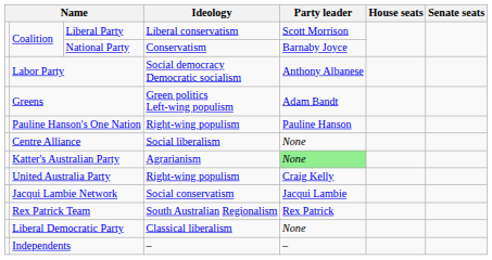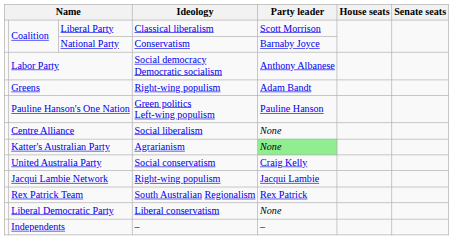 <table class="wikitable">
 <tr>
 <th colspan="3">Name</th>
 <th>Ideology</th>
 <th>Party leader</th>
 <th>House seats</th>
 <th>Senate seats</th>
 </tr>
 <tr>
 <td rowspan="2" style="background:"></td>
 <td rowspan="2"><a href='#'>Coalition</a></td>
 <td><a href='#'>Liberal Party</a></td>
-<td><a href='#'>Liberal conservatism</a></td>
+<td><a href='#'>Classical liberalism</a></td>
 <td><a href='#'>Scott Morrison</a></td>
 <td rowspan="2"></td>
 <td rowspan="2"></td>
 </tr>
 <tr>
 <td><a href='#'>National Party</a></td>
 <td><a href='#'>Conservatism</a></td>
 <td><a href='#'>Barnaby Joyce</a></td>
 </tr>
 <tr>
 <td style="background:"></td>
 <td colspan="2"><a href='#'>Labor Party</a></td>
 <td><a href='#'>Social democracy</a><br><a href='#'>Democratic socialism</a></td>
 <td><a href='#'>Anthony Albanese</a></td>
 <td></td>
 <td></td>
 </tr>
 <tr>
 <td style="background:"></td>
 <td colspan="2"><a href='#'>Greens</a></td>
-<td><a href='#'>Green politics</a><br><a href='#'>Left-wing populism</a></td>
+<td><a href='#'>Right-wing populism</a></td>
 <td><a href='#'>Adam Bandt</a></td>
 <td></td>
 <td></td>
 </tr>
 <tr>
 <td style="background:"></td>
 <td colspan="2"><a href='#'>Pauline Hanson's One Nation</a></td>
-<td><a href='#'>Right-wing populism</a></td>
+<td><a href='#'>Green politics</a><br><a href='#'>Left-wing populism</a></td>
 <td><a href='#'>Pauline Hanson</a></td>
 <td></td>
 <td></td>
 </tr>
 <tr>
 <td style="background:"></td>
 <td colspan="2"><a href='#'>Centre Alliance</a></td>
 <td><a href='#'>Social liberalism</a></td>
 <td><em>None</em></td>
 <td></td>
 <td></td>
 </tr>
 <tr>
 <td style="background:"></td>
 <td colspan="2"><a href='#'>Katter's Australian Party</a></td>
 <td><a href='#'>Agrarianism</a></td>
 <td style="background: lightgreen;"><em>None</em></td>
 <td></td>
 <td></td>
 </tr>
 <tr>
 <td style="background:"></td>
 <td colspan="2"><a href='#'>United Australia Party</a></td>
-<td><a href='#'>Right-wing populism</a></td>
+<td><a href='#'>Social conservatism</a></td>
 <td><a href='#'>Craig Kelly</a></td>
 <td></td>
 <td></td>
 </tr>
 <tr>
 <td style="background:"></td>
 <td colspan="2"><a href='#'>Jacqui Lambie Network</a></td>
-<td><a href='#'>Social conservatism</a></td>
+<td><a href='#'>Right-wing populism</a></td>
 <td><a href='#'>Jacqui Lambie</a></td>
 <td></td>
 <td></td>
 </tr>
 <tr>
 <td style="background:"></td>
 <td colspan="2"><a href='#'>Rex Patrick Team</a></td>
 <td><a href='#'>South Australian</a> <a href='#'>Regionalism</a></td>
 <td><a href='#'>Rex Patrick</a></td>
 <td></td>
 <td></td>
 </tr>
 <tr>
 <td style="background:"></td>
 <td colspan="2"><a href='#'>Liberal Democratic Party</a></td>
-<td><a href='#'>Classical liberalism</a></td>
+<td><a href='#'>Liberal conservatism</a></td>
 <td><em>None</em></td>
 <td></td>
 <td></td>
 </tr>
 <tr>
 <td style="background:"></td>
 <td colspan="2"><a href='#'>Independents</a></td>
 <td>–</td>
 <td>–</td>
 <td></td>
 <td></td>
 </tr>
 </table>
